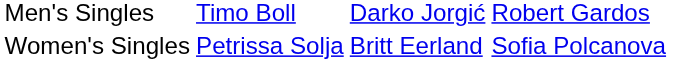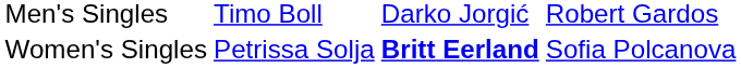 <table>
 <tr>
 <td>Men's Singles <br></td>
 <td> <a href='#'>Timo Boll</a></td>
 <td> <a href='#'>Darko Jorgić</a></td>
 <td> <a href='#'>Robert Gardos</a></td>
 </tr>
 <tr>
 <td>Women's Singles <br></td>
 <td> <a href='#'>Petrissa Solja</a></td>
-<td> <a href='#'>Britt Eerland</a></td>
+<td><strong> <a href='#'>Britt Eerland</a></strong></td>
 <td> <a href='#'>Sofia Polcanova</a></td>
 </tr>
 <tr>
 </tr>
 </table>
